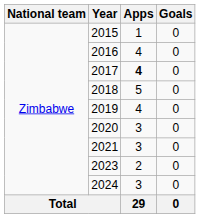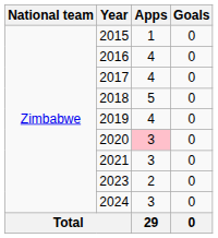 <table class="wikitable" style="text-align:center">
 <tr>
 <th>National team</th>
 <th>Year</th>
 <th>Apps</th>
 <th>Goals</th>
 </tr>
 <tr>
 <td rowspan="9"><a href='#'>Zimbabwe</a></td>
 <td>2015</td>
 <td>1</td>
 <td>0</td>
 </tr>
 <tr>
 <td>2016</td>
 <td>4</td>
 <td>0</td>
 </tr>
 <tr>
 <td>2017</td>
-<td><strong>4</strong></td>
+<td>4</td>
 <td>0</td>
 </tr>
 <tr>
 <td>2018</td>
 <td>5</td>
 <td>0</td>
 </tr>
 <tr>
 <td>2019</td>
 <td>4</td>
 <td>0</td>
 </tr>
 <tr>
 <td>2020</td>
-<td>3</td>
+<td style="background: pink;">3</td>
 <td>0</td>
 </tr>
 <tr>
 <td>2021</td>
 <td>3</td>
 <td>0</td>
 </tr>
 <tr>
 <td>2023</td>
 <td>2</td>
 <td>0</td>
 </tr>
 <tr>
 <td>2024</td>
 <td>3</td>
 <td>0</td>
 </tr>
 <tr>
 <th colspan="2">Total</th>
 <th>29</th>
 <th>0</th>
 </tr>
 </table>
